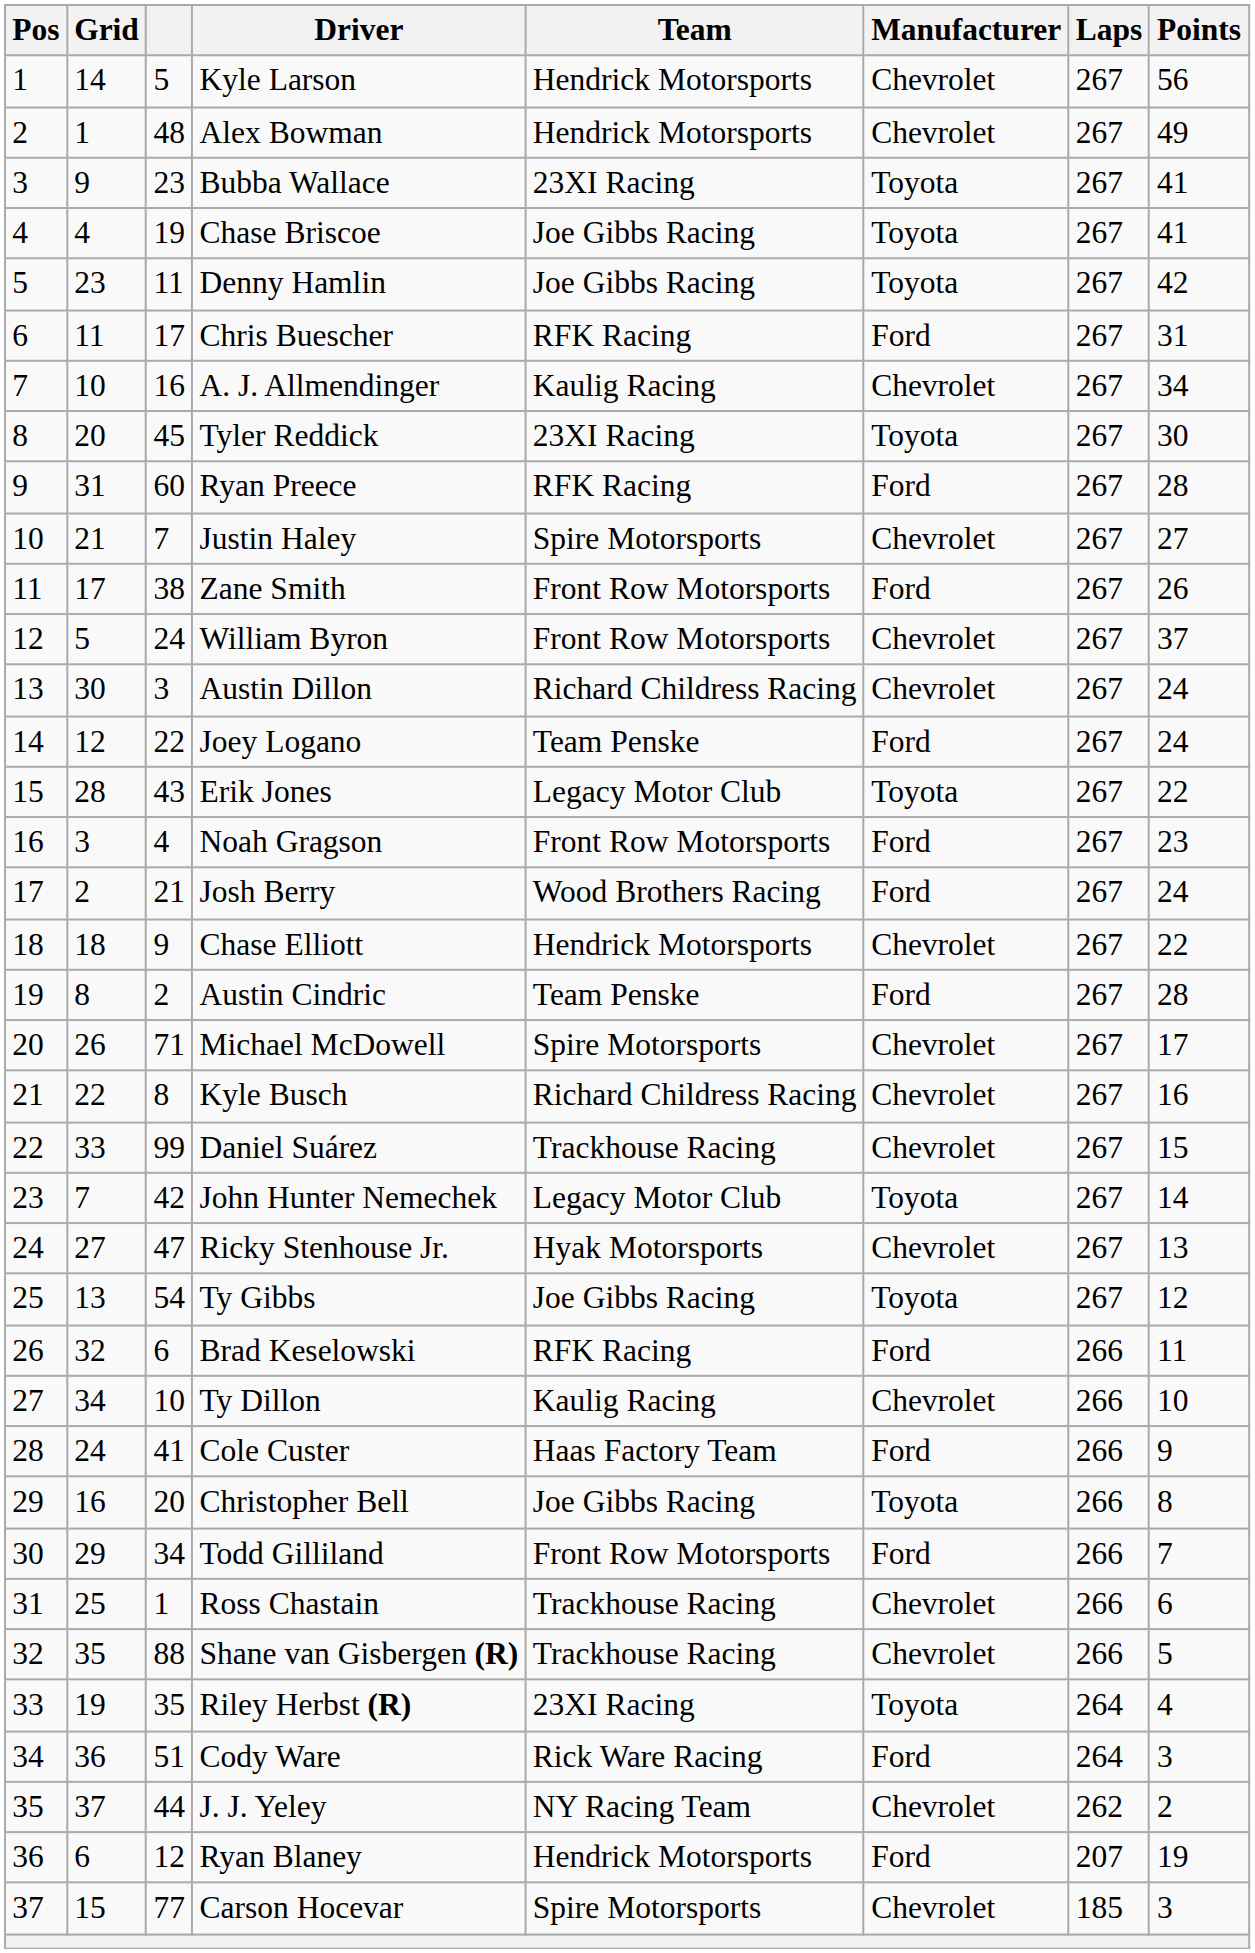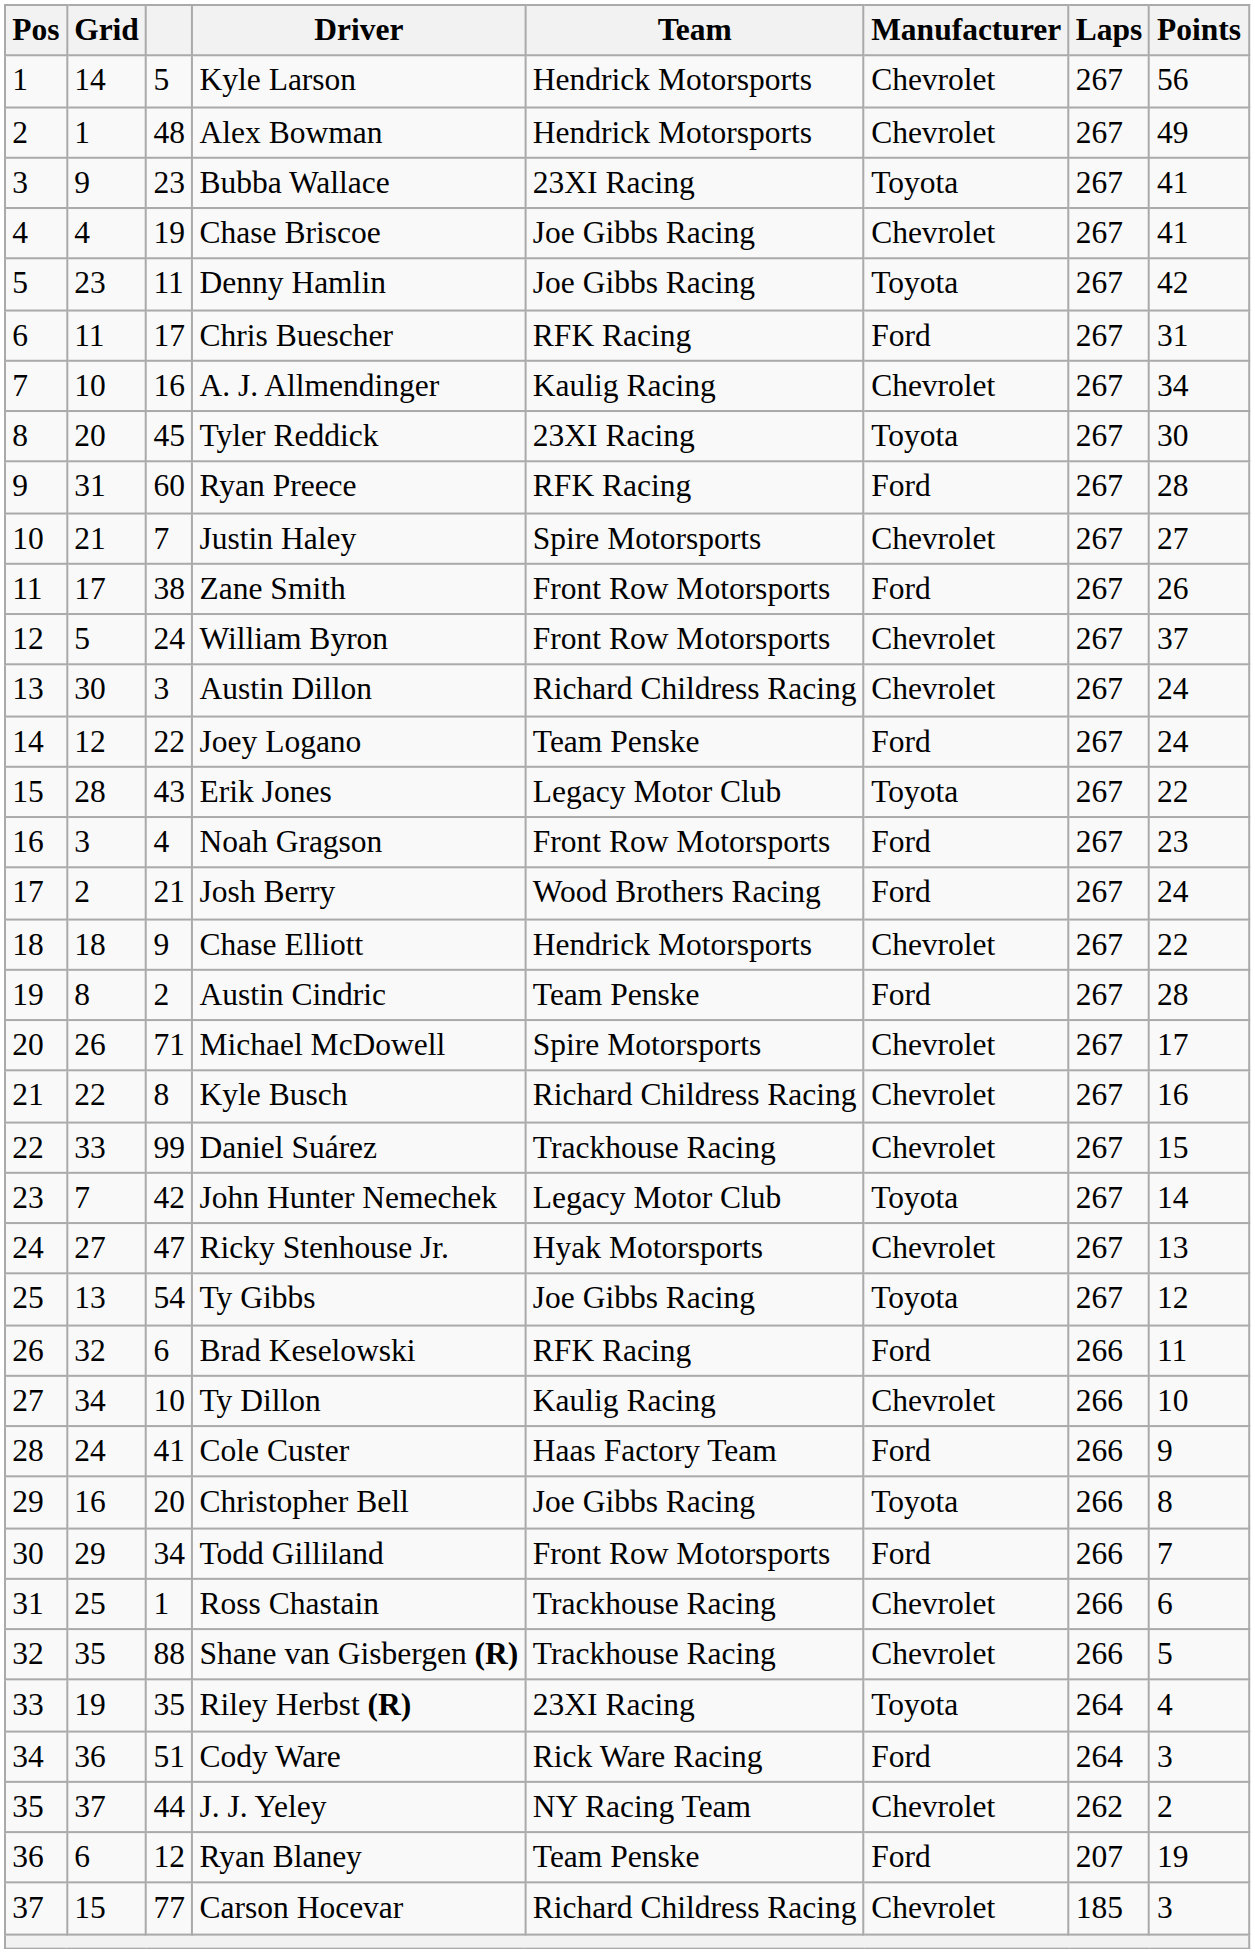 <table class="wikitable" style="font-size:98%">
 <tr>
 <th>Pos</th>
 <th>Grid</th>
 <th></th>
 <th>Driver</th>
 <th>Team</th>
 <th>Manufacturer</th>
 <th>Laps</th>
 <th>Points</th>
 </tr>
 <tr>
 <td>1</td>
 <td>14</td>
 <td>5</td>
 <td>Kyle Larson</td>
 <td>Hendrick Motorsports</td>
 <td>Chevrolet</td>
 <td>267</td>
 <td>56</td>
 </tr>
 <tr>
 <td>2</td>
 <td>1</td>
 <td>48</td>
 <td>Alex Bowman</td>
 <td>Hendrick Motorsports</td>
 <td>Chevrolet</td>
 <td>267</td>
 <td>49</td>
 </tr>
 <tr>
 <td>3</td>
 <td>9</td>
 <td>23</td>
 <td>Bubba Wallace</td>
 <td>23XI Racing</td>
 <td>Toyota</td>
 <td>267</td>
 <td>41</td>
 </tr>
 <tr>
 <td>4</td>
 <td>4</td>
 <td>19</td>
 <td>Chase Briscoe</td>
 <td>Joe Gibbs Racing</td>
-<td>Toyota</td>
+<td>Chevrolet</td>
 <td>267</td>
 <td>41</td>
 </tr>
 <tr>
 <td>5</td>
 <td>23</td>
 <td>11</td>
 <td>Denny Hamlin</td>
 <td>Joe Gibbs Racing</td>
 <td>Toyota</td>
 <td>267</td>
 <td>42</td>
 </tr>
 <tr>
 <td>6</td>
 <td>11</td>
 <td>17</td>
 <td>Chris Buescher</td>
 <td>RFK Racing</td>
 <td>Ford</td>
 <td>267</td>
 <td>31</td>
 </tr>
 <tr>
 <td>7</td>
 <td>10</td>
 <td>16</td>
 <td>A. J. Allmendinger</td>
 <td>Kaulig Racing</td>
 <td>Chevrolet</td>
 <td>267</td>
 <td>34</td>
 </tr>
 <tr>
 <td>8</td>
 <td>20</td>
 <td>45</td>
 <td>Tyler Reddick</td>
 <td>23XI Racing</td>
 <td>Toyota</td>
 <td>267</td>
 <td>30</td>
 </tr>
 <tr>
 <td>9</td>
 <td>31</td>
 <td>60</td>
 <td>Ryan Preece</td>
 <td>RFK Racing</td>
 <td>Ford</td>
 <td>267</td>
 <td>28</td>
 </tr>
 <tr>
 <td>10</td>
 <td>21</td>
 <td>7</td>
 <td>Justin Haley</td>
 <td>Spire Motorsports</td>
 <td>Chevrolet</td>
 <td>267</td>
 <td>27</td>
 </tr>
 <tr>
 <td>11</td>
 <td>17</td>
 <td>38</td>
 <td>Zane Smith</td>
 <td>Front Row Motorsports</td>
 <td>Ford</td>
 <td>267</td>
 <td>26</td>
 </tr>
 <tr>
 <td>12</td>
 <td>5</td>
 <td>24</td>
 <td>William Byron</td>
 <td>Front Row Motorsports</td>
 <td>Chevrolet</td>
 <td>267</td>
 <td>37</td>
 </tr>
 <tr>
 <td>13</td>
 <td>30</td>
 <td>3</td>
 <td>Austin Dillon</td>
 <td>Richard Childress Racing</td>
 <td>Chevrolet</td>
 <td>267</td>
 <td>24</td>
 </tr>
 <tr>
 <td>14</td>
 <td>12</td>
 <td>22</td>
 <td>Joey Logano</td>
 <td>Team Penske</td>
 <td>Ford</td>
 <td>267</td>
 <td>24</td>
 </tr>
 <tr>
 <td>15</td>
 <td>28</td>
 <td>43</td>
 <td>Erik Jones</td>
 <td>Legacy Motor Club</td>
 <td>Toyota</td>
 <td>267</td>
 <td>22</td>
 </tr>
 <tr>
 <td>16</td>
 <td>3</td>
 <td>4</td>
 <td>Noah Gragson</td>
 <td>Front Row Motorsports</td>
 <td>Ford</td>
 <td>267</td>
 <td>23</td>
 </tr>
 <tr>
 <td>17</td>
 <td>2</td>
 <td>21</td>
 <td>Josh Berry</td>
 <td>Wood Brothers Racing</td>
 <td>Ford</td>
 <td>267</td>
 <td>24</td>
 </tr>
 <tr>
 <td>18</td>
 <td>18</td>
 <td>9</td>
 <td>Chase Elliott</td>
 <td>Hendrick Motorsports</td>
 <td>Chevrolet</td>
 <td>267</td>
 <td>22</td>
 </tr>
 <tr>
 <td>19</td>
 <td>8</td>
 <td>2</td>
 <td>Austin Cindric</td>
 <td>Team Penske</td>
 <td>Ford</td>
 <td>267</td>
 <td>28</td>
 </tr>
 <tr>
 <td>20</td>
 <td>26</td>
 <td>71</td>
 <td>Michael McDowell</td>
 <td>Spire Motorsports</td>
 <td>Chevrolet</td>
 <td>267</td>
 <td>17</td>
 </tr>
 <tr>
 <td>21</td>
 <td>22</td>
 <td>8</td>
 <td>Kyle Busch</td>
 <td>Richard Childress Racing</td>
 <td>Chevrolet</td>
 <td>267</td>
 <td>16</td>
 </tr>
 <tr>
 <td>22</td>
 <td>33</td>
 <td>99</td>
 <td>Daniel Suárez</td>
 <td>Trackhouse Racing</td>
 <td>Chevrolet</td>
 <td>267</td>
 <td>15</td>
 </tr>
 <tr>
 <td>23</td>
 <td>7</td>
 <td>42</td>
 <td>John Hunter Nemechek</td>
 <td>Legacy Motor Club</td>
 <td>Toyota</td>
 <td>267</td>
 <td>14</td>
 </tr>
 <tr>
 <td>24</td>
 <td>27</td>
 <td>47</td>
 <td>Ricky Stenhouse Jr.</td>
 <td>Hyak Motorsports</td>
 <td>Chevrolet</td>
 <td>267</td>
 <td>13</td>
 </tr>
 <tr>
 <td>25</td>
 <td>13</td>
 <td>54</td>
 <td>Ty Gibbs</td>
 <td>Joe Gibbs Racing</td>
 <td>Toyota</td>
 <td>267</td>
 <td>12</td>
 </tr>
 <tr>
 <td>26</td>
 <td>32</td>
 <td>6</td>
 <td>Brad Keselowski</td>
 <td>RFK Racing</td>
 <td>Ford</td>
 <td>266</td>
 <td>11</td>
 </tr>
 <tr>
 <td>27</td>
 <td>34</td>
 <td>10</td>
 <td>Ty Dillon</td>
 <td>Kaulig Racing</td>
 <td>Chevrolet</td>
 <td>266</td>
 <td>10</td>
 </tr>
 <tr>
 <td>28</td>
 <td>24</td>
 <td>41</td>
 <td>Cole Custer</td>
 <td>Haas Factory Team</td>
 <td>Ford</td>
 <td>266</td>
 <td>9</td>
 </tr>
 <tr>
 <td>29</td>
 <td>16</td>
 <td>20</td>
 <td>Christopher Bell</td>
 <td>Joe Gibbs Racing</td>
 <td>Toyota</td>
 <td>266</td>
 <td>8</td>
 </tr>
 <tr>
 <td>30</td>
 <td>29</td>
 <td>34</td>
 <td>Todd Gilliland</td>
 <td>Front Row Motorsports</td>
 <td>Ford</td>
 <td>266</td>
 <td>7</td>
 </tr>
 <tr>
 <td>31</td>
 <td>25</td>
 <td>1</td>
 <td>Ross Chastain</td>
 <td>Trackhouse Racing</td>
 <td>Chevrolet</td>
 <td>266</td>
 <td>6</td>
 </tr>
 <tr>
 <td>32</td>
 <td>35</td>
 <td>88</td>
 <td>Shane van Gisbergen <strong>(R)</strong></td>
 <td>Trackhouse Racing</td>
 <td>Chevrolet</td>
 <td>266</td>
 <td>5</td>
 </tr>
 <tr>
 <td>33</td>
 <td>19</td>
 <td>35</td>
 <td>Riley Herbst <strong>(R)</strong></td>
 <td>23XI Racing</td>
 <td>Toyota</td>
 <td>264</td>
 <td>4</td>
 </tr>
 <tr>
 <td>34</td>
 <td>36</td>
 <td>51</td>
 <td>Cody Ware</td>
 <td>Rick Ware Racing</td>
 <td>Ford</td>
 <td>264</td>
 <td>3</td>
 </tr>
 <tr>
 <td>35</td>
 <td>37</td>
 <td>44</td>
 <td>J. J. Yeley</td>
 <td>NY Racing Team</td>
 <td>Chevrolet</td>
 <td>262</td>
 <td>2</td>
 </tr>
 <tr>
 <td>36</td>
 <td>6</td>
 <td>12</td>
 <td>Ryan Blaney</td>
-<td>Hendrick Motorsports</td>
+<td>Team Penske</td>
 <td>Ford</td>
 <td>207</td>
 <td>19</td>
 </tr>
 <tr>
 <td>37</td>
 <td>15</td>
 <td>77</td>
 <td>Carson Hocevar</td>
-<td>Spire Motorsports</td>
+<td>Richard Childress Racing</td>
 <td>Chevrolet</td>
 <td>185</td>
 <td>3</td>
 </tr>
 <tr>
 <th colspan="8"></th>
 </tr>
 </table>
